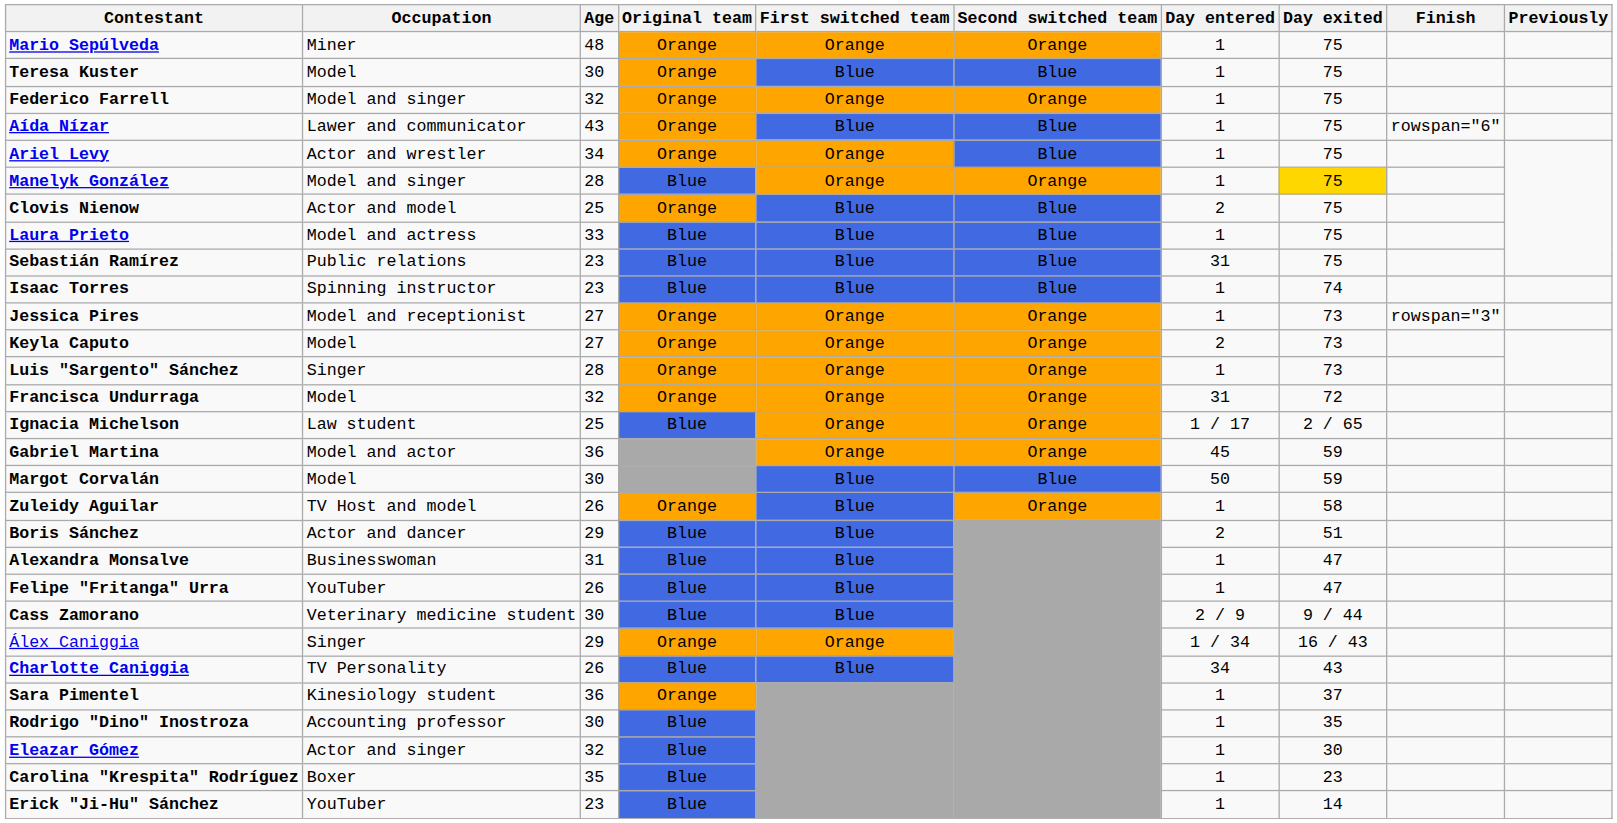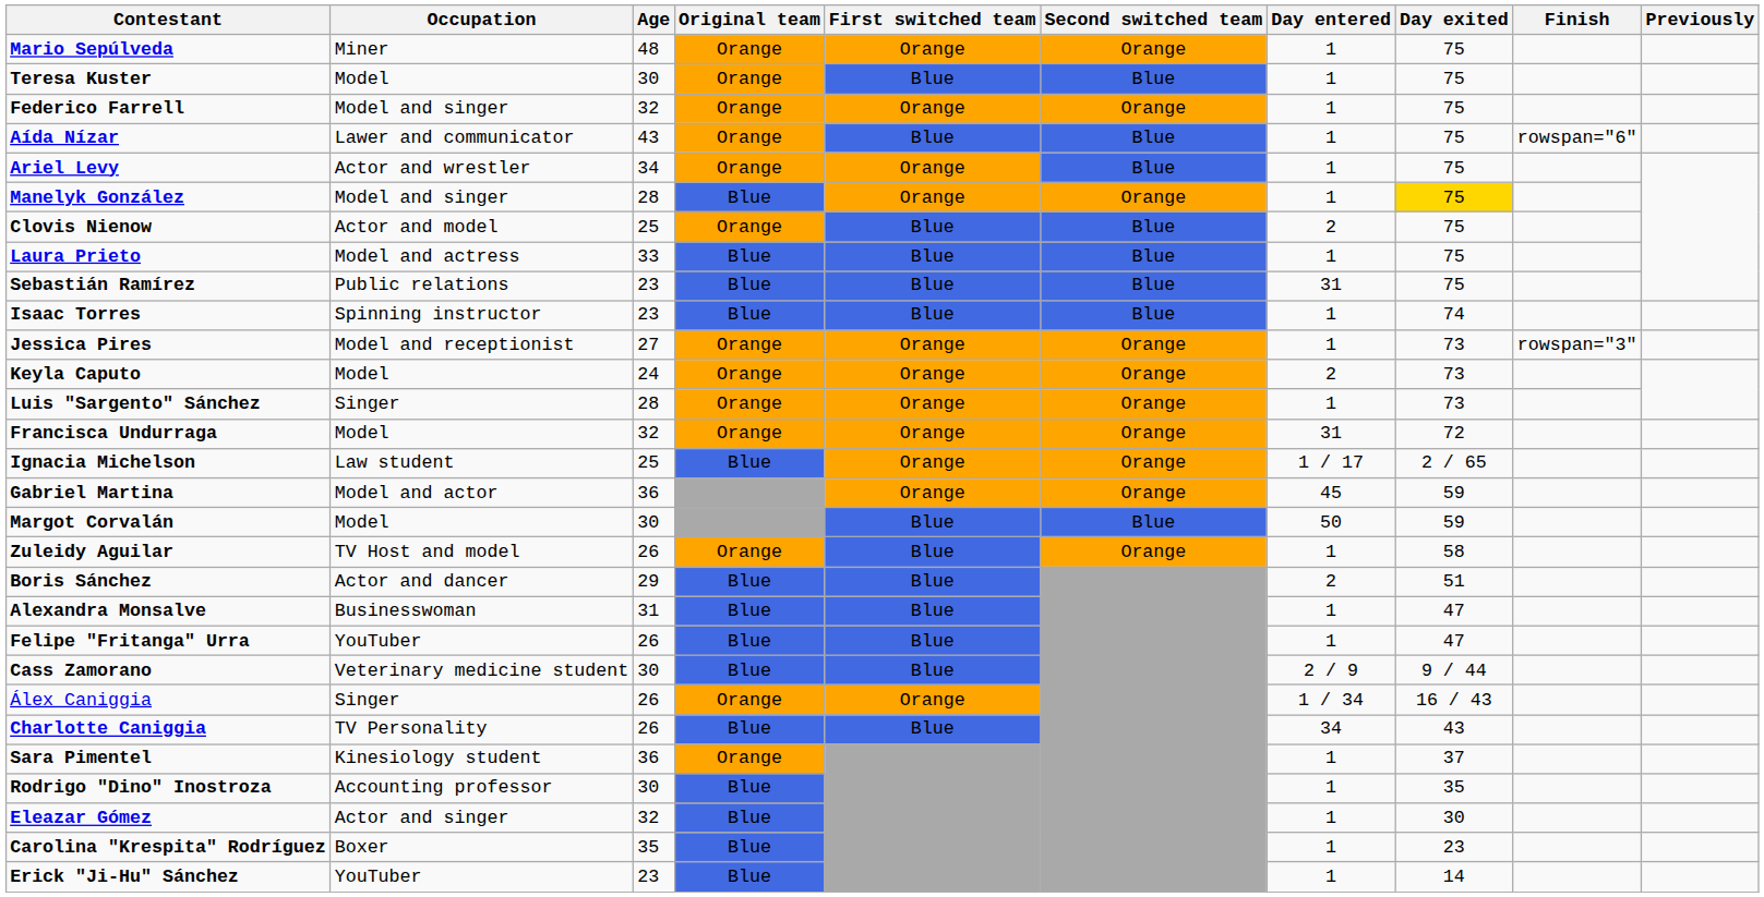 <table class="wikitable" style="margin:auto;">
 <tr>
 <th>Contestant</th>
 <th>Occupation</th>
 <th>Age</th>
 <th>Original team</th>
 <th>First switched team</th>
 <th>Second switched team</th>
 <th>Day entered</th>
 <th>Day exited</th>
 <th>Finish</th>
 <th>Previously</th>
 </tr>
 <tr>
 <td><strong><a href='#'>Mario Sepúlveda</a></strong></td>
 <td>Miner</td>
 <td>48</td>
 <td align="center" bgcolor="orange">Orange</td>
 <td align="center" bgcolor="orange">Orange</td>
 <td align="center" bgcolor="orange">Orange</td>
 <td align="center">1</td>
 <td align="center">75</td>
 <td></td>
 <td></td>
 </tr>
 <tr>
 <td><strong>Teresa Kuster</strong></td>
 <td>Model</td>
 <td>30</td>
 <td align="center" bgcolor="orange">Orange</td>
 <td align="center" bgcolor="royalblue">Blue</td>
 <td align="center" bgcolor="royalblue">Blue</td>
 <td align="center">1</td>
 <td align="center">75</td>
 <td></td>
 <td></td>
 </tr>
 <tr>
 <td><strong>Federico Farrell</strong></td>
 <td>Model and singer</td>
 <td>32</td>
 <td align="center" bgcolor="orange">Orange</td>
 <td align="center" bgcolor="orange">Orange</td>
 <td align="center" bgcolor="orange">Orange</td>
 <td align="center">1</td>
 <td align="center">75</td>
 <td></td>
 <td></td>
 </tr>
 <tr>
 <td><strong><a href='#'>Aída Nízar</a></strong></td>
 <td>Lawer and communicator</td>
 <td>43</td>
 <td align="center" bgcolor="orange">Orange</td>
 <td align="center" bgcolor="royalblue">Blue</td>
 <td align="center" bgcolor="royalblue">Blue</td>
 <td align="center">1</td>
 <td align="center">75</td>
 <td>rowspan="6" </td>
 <td></td>
 </tr>
 <tr>
 <td><strong><a href='#'>Ariel Levy</a></strong></td>
 <td>Actor and wrestler</td>
 <td>34</td>
 <td align="center" bgcolor="orange">Orange</td>
 <td align="center" bgcolor="orange">Orange</td>
 <td align="center" bgcolor="royalblue">Blue</td>
 <td align="center">1</td>
 <td align="center">75</td>
 <td></td>
 </tr>
 <tr>
 <td><strong><a href='#'>Manelyk González</a></strong></td>
 <td>Model and singer</td>
 <td>28</td>
 <td align="center" bgcolor="royalblue">Blue</td>
 <td align="center" bgcolor="orange">Orange</td>
 <td align="center" bgcolor="orange">Orange</td>
 <td align="center">1</td>
 <td align="center" style="background: gold;">75</td>
 <td></td>
 </tr>
 <tr>
 <td><strong>Clovis Nienow</strong></td>
 <td>Actor and model</td>
 <td>25</td>
 <td align="center" bgcolor="orange">Orange</td>
 <td align="center" bgcolor="royalblue">Blue</td>
 <td align="center" bgcolor="royalblue">Blue</td>
 <td align="center">2</td>
 <td align="center">75</td>
 <td></td>
 </tr>
 <tr>
 <td><strong><a href='#'>Laura Prieto</a></strong></td>
 <td>Model and actress</td>
 <td>33</td>
 <td align="center" bgcolor="royalblue">Blue</td>
 <td align="center" bgcolor="royalblue">Blue</td>
 <td align="center" bgcolor="royalblue">Blue</td>
 <td align="center">1</td>
 <td align="center">75</td>
 <td></td>
 </tr>
 <tr>
 <td><strong>Sebastián Ramírez</strong></td>
 <td>Public relations</td>
 <td>23</td>
 <td align="center" bgcolor="royalblue">Blue</td>
 <td align="center" bgcolor="royalblue">Blue</td>
 <td align="center" bgcolor="royalblue">Blue</td>
 <td align="center">31</td>
 <td align="center">75</td>
 <td></td>
 </tr>
 <tr>
 <td><strong>Isaac Torres</strong></td>
 <td>Spinning instructor</td>
 <td>23</td>
 <td align="center" bgcolor="royalblue">Blue</td>
 <td align="center" bgcolor="royalblue">Blue</td>
 <td align="center" bgcolor="royalblue">Blue</td>
 <td align="center">1</td>
 <td align="center">74</td>
 <td></td>
 <td></td>
 </tr>
 <tr>
 <td><strong>Jessica Pires</strong></td>
 <td>Model and receptionist</td>
 <td>27</td>
 <td align="center" bgcolor="orange">Orange</td>
 <td align="center" bgcolor="orange">Orange</td>
 <td align="center" bgcolor="orange">Orange</td>
 <td align="center">1</td>
 <td align="center">73</td>
 <td>rowspan="3" </td>
 <td></td>
 </tr>
 <tr>
 <td><strong>Keyla Caputo</strong></td>
 <td>Model</td>
-<td>27</td>
+<td>24</td>
 <td align="center" bgcolor="orange">Orange</td>
 <td align="center" bgcolor="orange">Orange</td>
 <td align="center" bgcolor="orange">Orange</td>
 <td align="center">2</td>
 <td align="center">73</td>
 <td></td>
 </tr>
 <tr>
 <td><strong>Luis "Sargento" Sánchez</strong></td>
 <td>Singer</td>
 <td>28</td>
 <td align="center" bgcolor="orange">Orange</td>
 <td align="center" bgcolor="orange">Orange</td>
 <td align="center" bgcolor="orange">Orange</td>
 <td align="center">1</td>
 <td align="center">73</td>
 <td></td>
 </tr>
 <tr>
 <td><strong>Francisca Undurraga</strong></td>
 <td>Model</td>
 <td>32</td>
 <td align="center" bgcolor="orange">Orange</td>
 <td align="center" bgcolor="orange">Orange</td>
 <td align="center" bgcolor="orange">Orange</td>
 <td align="center">31</td>
 <td align="center">72</td>
 <td></td>
 <td></td>
 </tr>
 <tr>
 <td><strong>Ignacia Michelson</strong></td>
 <td>Law student</td>
 <td>25</td>
 <td align="center" bgcolor="royalblue">Blue</td>
 <td align="center" bgcolor="orange">Orange</td>
 <td align="center" bgcolor="orange">Orange</td>
 <td align="center">1 / 17</td>
 <td align="center">2 / 65</td>
 <td></td>
 <td></td>
 </tr>
 <tr>
 <td><strong>Gabriel Martina</strong></td>
 <td>Model and actor</td>
 <td>36</td>
 <td align="center" bgcolor="darkgray"></td>
 <td align="center" bgcolor="orange">Orange</td>
 <td align="center" bgcolor="orange">Orange</td>
 <td align="center">45</td>
 <td align="center">59</td>
 <td></td>
 <td></td>
 </tr>
 <tr>
 <td><strong>Margot Corvalán</strong></td>
 <td>Model</td>
 <td>30</td>
 <td align="center" bgcolor="darkgray"></td>
 <td align="center" bgcolor="royalblue">Blue</td>
 <td align="center" bgcolor="royalblue">Blue</td>
 <td align="center">50</td>
 <td align="center">59</td>
 <td></td>
 <td></td>
 </tr>
 <tr>
 <td><strong>Zuleidy Aguilar</strong></td>
 <td>TV Host and model</td>
 <td>26</td>
 <td align="center" bgcolor="orange">Orange</td>
 <td align="center" bgcolor="royalblue">Blue</td>
 <td align="center" bgcolor="orange">Orange</td>
 <td align="center">1</td>
 <td align="center">58</td>
 <td></td>
 <td></td>
 </tr>
 <tr>
 <td><strong>Boris Sánchez</strong></td>
 <td>Actor and dancer</td>
 <td>29</td>
 <td align="center" bgcolor="royalblue">Blue</td>
 <td align="center" bgcolor="royalblue">Blue</td>
 <td rowspan="12" align="center" bgcolor="darkgray"></td>
 <td align="center">2</td>
 <td align="center">51</td>
 <td></td>
 <td></td>
 </tr>
 <tr>
 <td><strong>Alexandra Monsalve</strong></td>
 <td>Businesswoman</td>
 <td>31</td>
 <td align="center" bgcolor="royalblue">Blue</td>
 <td align="center" bgcolor="royalblue">Blue</td>
 <td align="center">1</td>
 <td align="center">47</td>
 <td></td>
 <td></td>
 </tr>
 <tr>
 <td><strong>Felipe "Fritanga" Urra</strong></td>
 <td>YouTuber</td>
 <td>26</td>
 <td align="center" bgcolor="royalblue">Blue</td>
 <td align="center" bgcolor="royalblue">Blue</td>
 <td align="center">1</td>
 <td align="center">47</td>
 <td></td>
 <td></td>
 </tr>
 <tr>
 <td><strong>Cass Zamorano</strong></td>
 <td>Veterinary medicine student</td>
 <td>30</td>
 <td align="center" bgcolor="royalblue">Blue</td>
 <td align="center" bgcolor="royalblue">Blue</td>
 <td align="center">2 / 9</td>
 <td align="center">9 / 44</td>
 <td></td>
 <td></td>
 </tr>
 <tr>
 <td><a href='#'>Álex Caniggia</a></td>
 <td>Singer</td>
-<td>29</td>
+<td>26</td>
 <td align="center" bgcolor="orange">Orange</td>
 <td align="center" bgcolor="orange">Orange</td>
 <td align="center">1 / 34</td>
 <td align="center">16 / 43</td>
 <td></td>
 <td></td>
 </tr>
 <tr>
 <td><strong><a href='#'>Charlotte Caniggia</a></strong></td>
 <td>TV Personality</td>
 <td>26</td>
 <td align="center" bgcolor="royalblue">Blue</td>
 <td align="center" bgcolor="royalblue">Blue</td>
 <td align="center">34</td>
 <td align="center">43</td>
 <td></td>
 <td></td>
 </tr>
 <tr>
 <td><strong>Sara Pimentel</strong></td>
 <td>Kinesiology student</td>
 <td>36</td>
 <td align="center" bgcolor="orange">Orange</td>
 <td align="center" bgcolor="darkgray" rowspan="5"></td>
 <td align="center">1</td>
 <td align="center">37</td>
 <td></td>
 <td></td>
 </tr>
 <tr>
 <td><strong>Rodrigo "Dino" Inostroza</strong></td>
 <td>Accounting professor</td>
 <td>30</td>
 <td align="center" bgcolor="royalblue">Blue</td>
 <td align="center">1</td>
 <td align="center">35</td>
 <td></td>
 <td></td>
 </tr>
 <tr>
 <td><strong><a href='#'>Eleazar Gómez</a></strong></td>
 <td>Actor and singer</td>
 <td>32</td>
 <td align="center" bgcolor="royalblue">Blue</td>
 <td align="center">1</td>
 <td align="center">30</td>
 <td></td>
 <td></td>
 </tr>
 <tr>
 <td><strong>Carolina "Krespita" Rodríguez</strong></td>
 <td>Boxer</td>
 <td>35</td>
 <td align="center" bgcolor="royalblue">Blue</td>
 <td align="center">1</td>
 <td align="center">23</td>
 <td></td>
 <td></td>
 </tr>
 <tr>
 <td><strong>Erick "Ji-Hu" Sánchez</strong></td>
 <td>YouTuber</td>
 <td>23</td>
 <td align="center" bgcolor="royalblue">Blue</td>
 <td align="center">1</td>
 <td align="center">14</td>
 <td></td>
 <td></td>
 </tr>
 </table>
